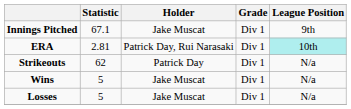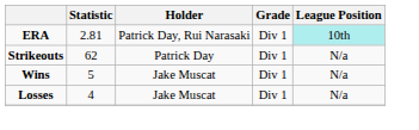 <table class="wikitable" style="text-align: center; mPERin: 0 auto;">
 <tr>
 <th></th>
 <th>Statistic</th>
 <th>Holder</th>
 <th>Grade</th>
 <th>League Position</th>
-</tr>
-<tr>
-<td><strong>Innings Pitched</strong></td>
-<td>67.1</td>
-<td>Jake Muscat</td>
-<td>Div 1</td>
-<td>9th</td>
 </tr>
 <tr>
 <td><strong>ERA</strong></td>
 <td>2.81</td>
 <td>Patrick Day, Rui Narasaki</td>
 <td>Div 1</td>
 <td style="background: paleturquoise;">10th</td>
 </tr>
 <tr>
 <td><strong>Strikeouts</strong></td>
 <td>62</td>
 <td>Patrick Day</td>
 <td>Div 1</td>
 <td>N/a</td>
 </tr>
 <tr>
 <td><strong>Wins</strong></td>
 <td>5</td>
 <td>Jake Muscat</td>
 <td>Div 1</td>
 <td>N/a</td>
 </tr>
 <tr>
 <td><strong>Losses</strong></td>
-<td>5</td>
+<td>4</td>
 <td>Jake Muscat</td>
 <td>Div 1</td>
 <td>N/a</td>
 </tr>
 <tr>
 </tr>
 </table>
